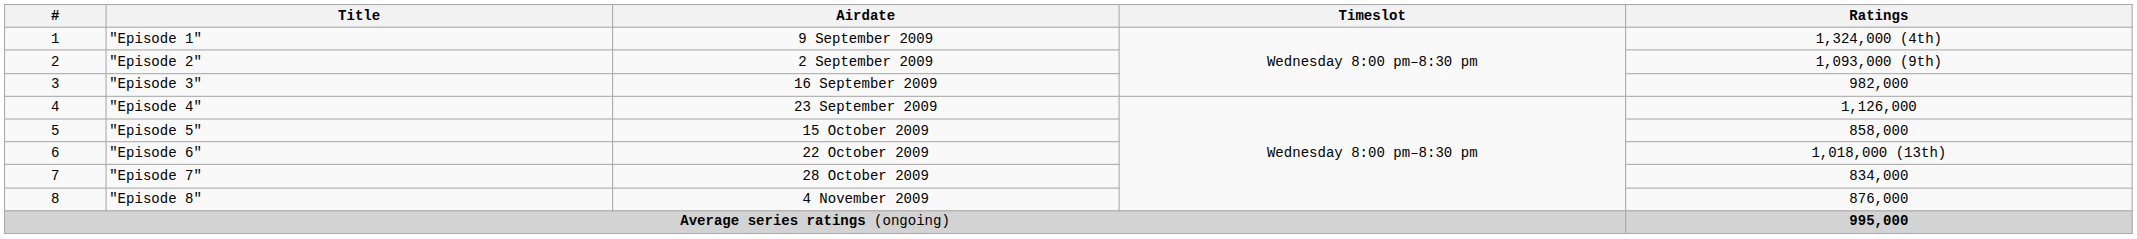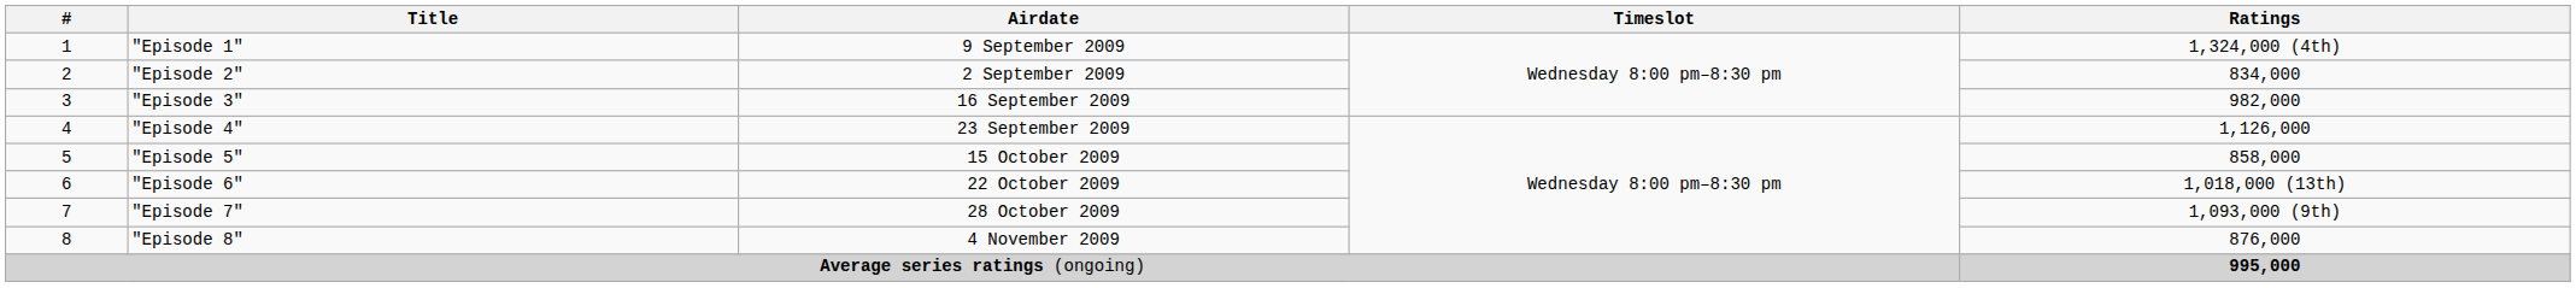 <table class="wikitable" style="text-align:center">
 <tr>
 <th width=2%>#</th>
 <th width=10%>Title</th>
 <th width=10%>Airdate</th>
 <th width=10%>Timeslot</th>
 <th width=10%>Ratings</th>
 </tr>
 <tr>
 <td>1</td>
 <td align=left>"Episode 1"</td>
 <td>9 September 2009</td>
 <td rowspan=3>Wednesday 8:00 pm–8:30 pm</td>
 <td>1,324,000 (4th)</td>
 </tr>
 <tr>
 <td>2</td>
 <td align=left>"Episode 2"</td>
 <td>2 September 2009</td>
-<td>1,093,000 (9th)</td>
+<td>834,000</td>
 </tr>
 <tr>
 <td>3</td>
 <td align=left>"Episode 3"</td>
 <td>16 September 2009</td>
 <td>982,000</td>
 </tr>
 <tr>
 <td>4</td>
 <td align=left>"Episode 4"</td>
 <td>23 September 2009</td>
 <td rowspan=5>Wednesday 8:00 pm–8:30 pm</td>
 <td>1,126,000</td>
 </tr>
 <tr>
 <td>5</td>
 <td align=left>"Episode 5"</td>
 <td>15 October 2009</td>
 <td>858,000</td>
 </tr>
 <tr>
 <td>6</td>
 <td align=left>"Episode 6"</td>
 <td>22 October 2009</td>
 <td>1,018,000 (13th)</td>
 </tr>
 <tr>
 <td>7</td>
 <td align=left>"Episode 7"</td>
 <td>28 October 2009</td>
-<td>834,000</td>
+<td>1,093,000 (9th)</td>
 </tr>
 <tr>
 <td>8</td>
 <td align=left>"Episode 8"</td>
 <td>4 November 2009</td>
 <td>876,000</td>
 </tr>
 <tr bgcolor="#D3D3D3">
 <td colspan=4><strong>Average series ratings</strong> (ongoing)</td>
 <td><strong>995,000</strong></td>
 </tr>
 </table>
